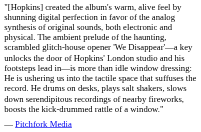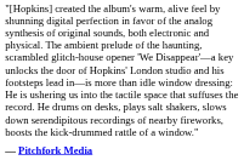 <table class="toccolours" style="float: right; margin-left: 0.5em; margin-right: 2em; font-size: 85%; background:offwhite; color:black; width:23em; max-width: 40%;" cellspacing="5">
 <tr>
 <td style="text-align: left;">"[Hopkins] created the album's warm, alive feel by shunning digital perfection in favor of the analog synthesis of original sounds, both electronic and physical. The ambient prelude of the haunting, scrambled glitch-house opener 'We Disappear'—a key unlocks the door of Hopkins' London studio and his footsteps lead in—is more than idle window dressing: He is ushering us into the tactile space that suffuses the record. He drums on desks, plays salt shakers, slows down serendipitous recordings of nearby fireworks, boosts the kick-drummed rattle of a window."</td>
 </tr>
 <tr>
-<td style="text-align: left;">— <a href='#'>Pitchfork Media</a></td>
+<td style="text-align: left;"><strong>— <a href='#'>Pitchfork Media</a></strong></td>
 </tr>
 </table>
